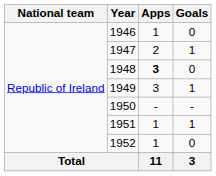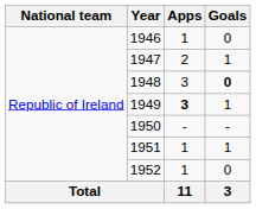 <table class=wikitable style=text-align:center>
 <tr>
 <th>National team</th>
 <th>Year</th>
 <th>Apps</th>
 <th>Goals</th>
 </tr>
 <tr>
 <td rowspan=7><a href='#'>Republic of Ireland</a></td>
 <td>1946</td>
 <td>1</td>
 <td>0</td>
 </tr>
 <tr>
 <td>1947</td>
 <td>2</td>
 <td>1</td>
 </tr>
 <tr>
 <td>1948</td>
-<td><strong>3</strong></td>
-<td>0</td>
+<td>3</td>
+<td><strong>0</strong></td>
 </tr>
 <tr>
 <td>1949</td>
-<td>3</td>
+<td><strong>3</strong></td>
 <td>1</td>
 </tr>
 <tr>
 <td>1950</td>
 <td>-</td>
 <td>-</td>
 </tr>
 <tr>
 <td>1951</td>
 <td>1</td>
 <td>1</td>
 </tr>
 <tr>
 <td>1952</td>
 <td>1</td>
 <td>0</td>
 </tr>
 <tr>
 <th colspan=2>Total</th>
 <th>11</th>
 <th>3</th>
 </tr>
 </table>
